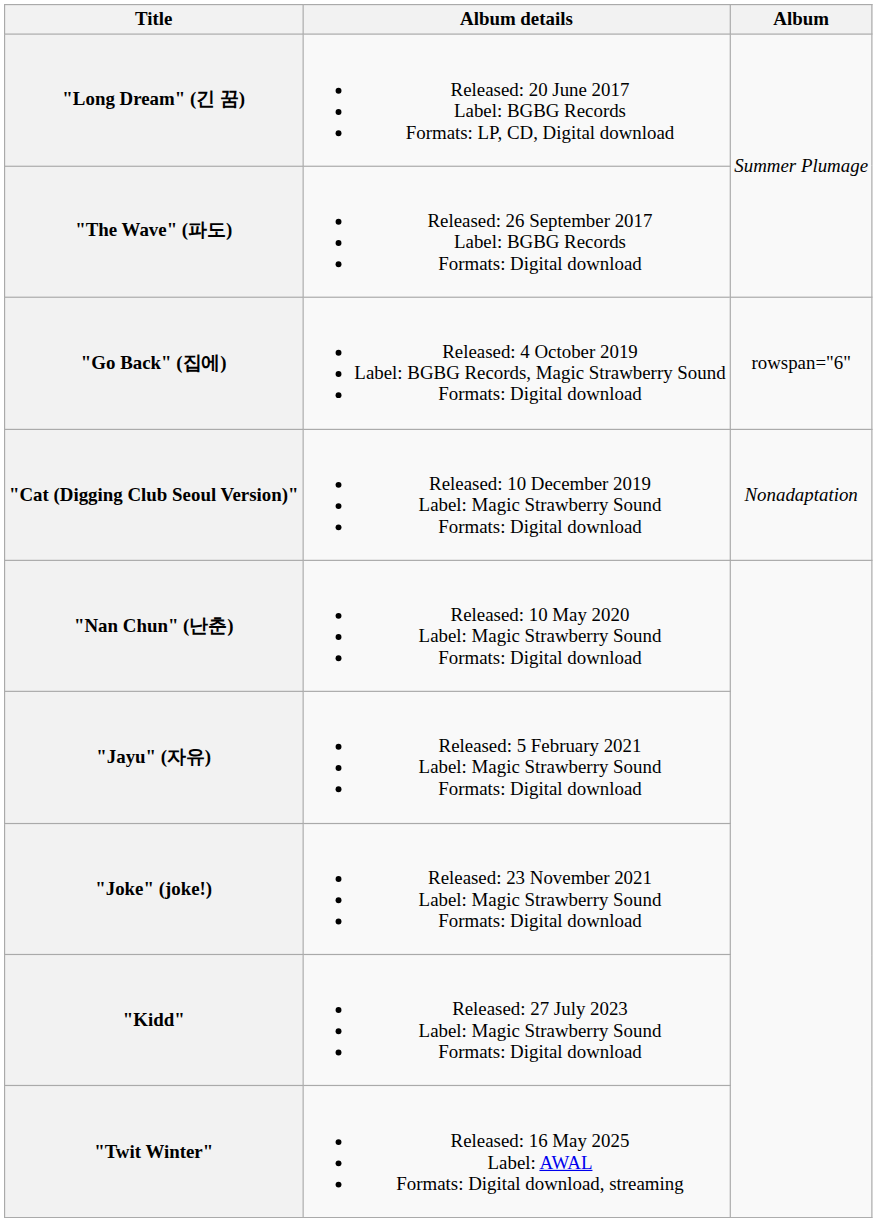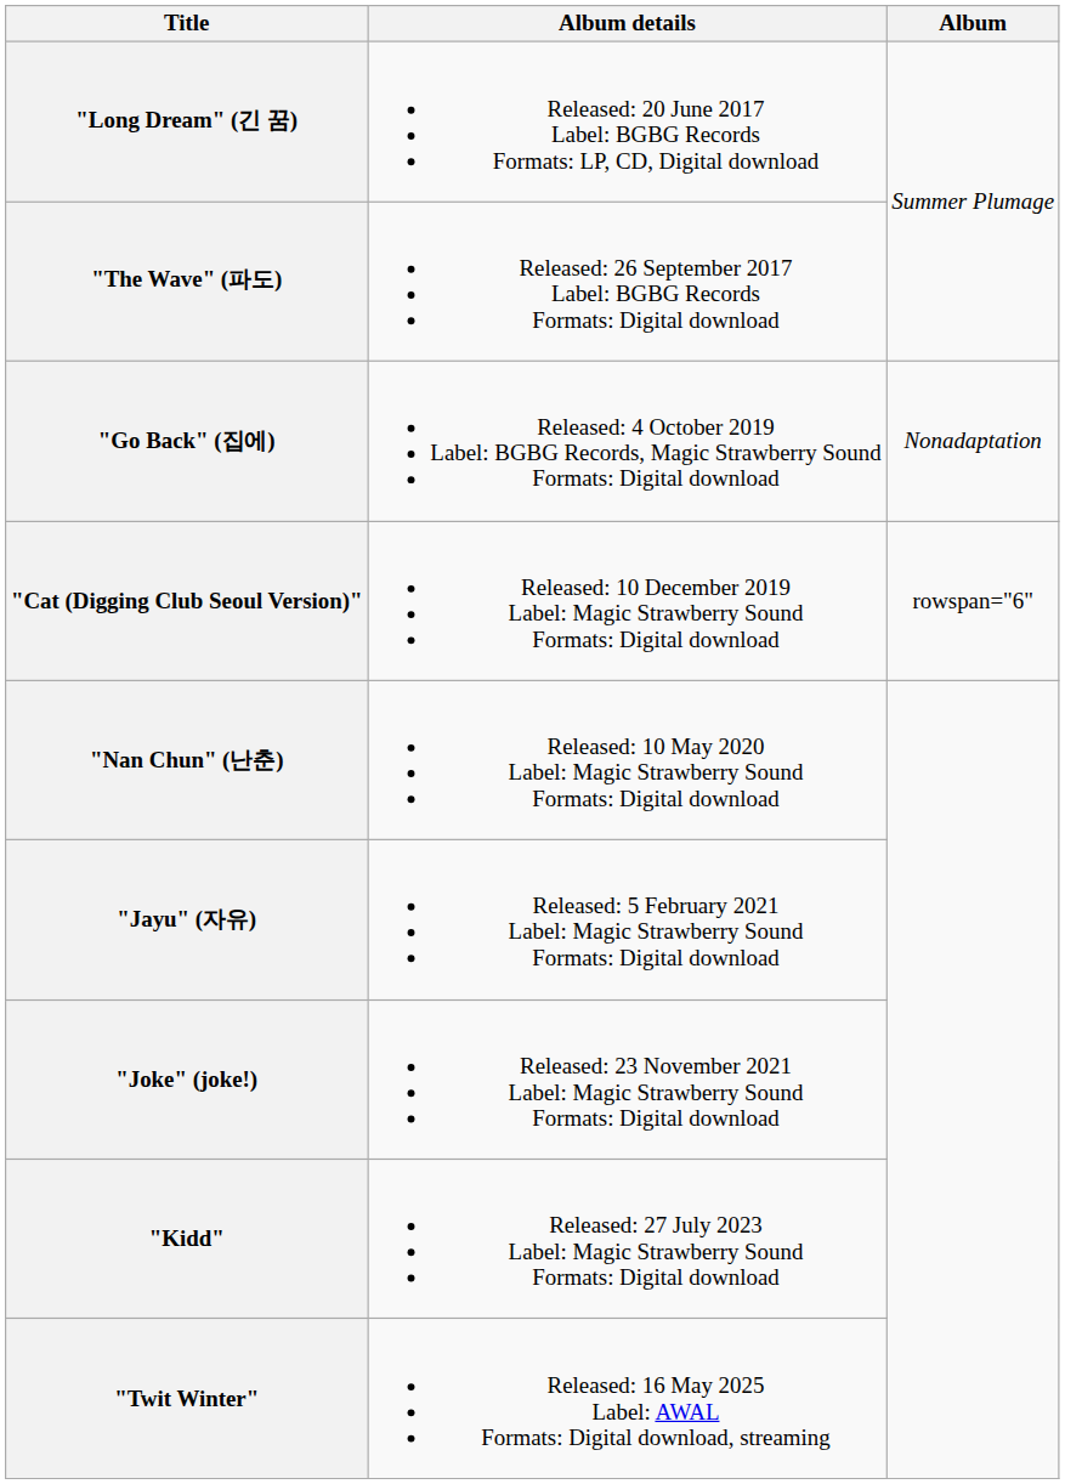 <table class="wikitable plainrowheaders" style="text-align:center;">
 <tr>
 <th scope="col">Title</th>
 <th scope="col">Album details</th>
 <th scope="col">Album</th>
 </tr>
 <tr>
 <th scope="row">"Long Dream" (긴 꿈)</th>
 <td><br><ul><li>Released: 20 June 2017</li><li>Label: BGBG Records</li><li>Formats: LP, CD, Digital download</li></ul></td>
 <td rowspan = "2"><em>Summer Plumage</em></td>
 </tr>
 <tr>
 <th scope="row">"The Wave" (파도)</th>
 <td><br><ul><li>Released: 26 September 2017</li><li>Label: BGBG Records</li><li>Formats: Digital download</li></ul></td>
 </tr>
 <tr>
 <th scope="row">"Go Back" (집에)</th>
 <td><br><ul><li>Released: 4 October 2019</li><li>Label: BGBG Records, Magic Strawberry Sound</li><li>Formats: Digital download</li></ul></td>
-<td>rowspan="6"</td>
+<td><em>Nonadaptation</em></td>
 </tr>
 <tr>
 <th scope="row">"Cat (Digging Club Seoul Version)"</th>
 <td><br><ul><li>Released: 10 December 2019</li><li>Label: Magic Strawberry Sound</li><li>Formats: Digital download</li></ul></td>
-<td><em>Nonadaptation</em></td>
+<td>rowspan="6"</td>
 </tr>
 <tr>
 <th scope="row">"Nan Chun" (난춘)</th>
 <td><br><ul><li>Released: 10 May 2020</li><li>Label: Magic Strawberry Sound</li><li>Formats: Digital download</li></ul></td>
 </tr>
 <tr>
 <th scope="row">"Jayu" (자유)</th>
 <td><br><ul><li>Released: 5 February 2021</li><li>Label: Magic Strawberry Sound</li><li>Formats: Digital download</li></ul></td>
 </tr>
 <tr>
 <th scope="row">"Joke" (joke!)</th>
 <td><br><ul><li>Released: 23 November 2021</li><li>Label: Magic Strawberry Sound</li><li>Formats: Digital download</li></ul></td>
 </tr>
 <tr>
 <th scope="row">"Kidd"</th>
 <td><br><ul><li>Released: 27 July 2023</li><li>Label: Magic Strawberry Sound</li><li>Formats: Digital download</li></ul></td>
 </tr>
 <tr>
 <th scope="row">"Twit Winter"</th>
 <td><br><ul><li>Released: 16 May 2025</li><li>Label: <a href='#'>AWAL</a></li><li>Formats: Digital download, streaming</li></ul></td>
 </tr>
 <tr>
 </tr>
 </table>
